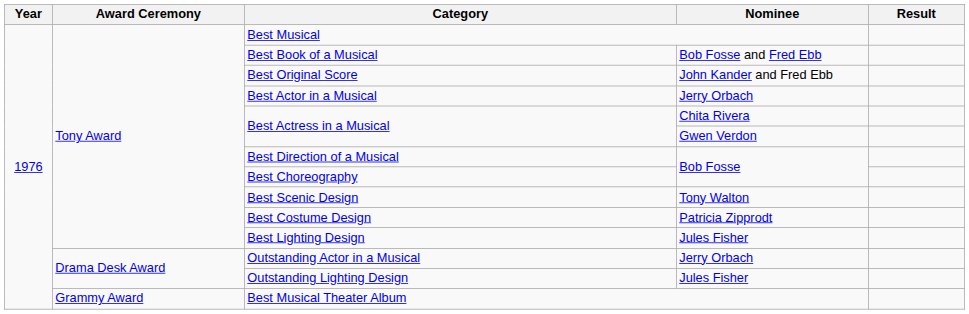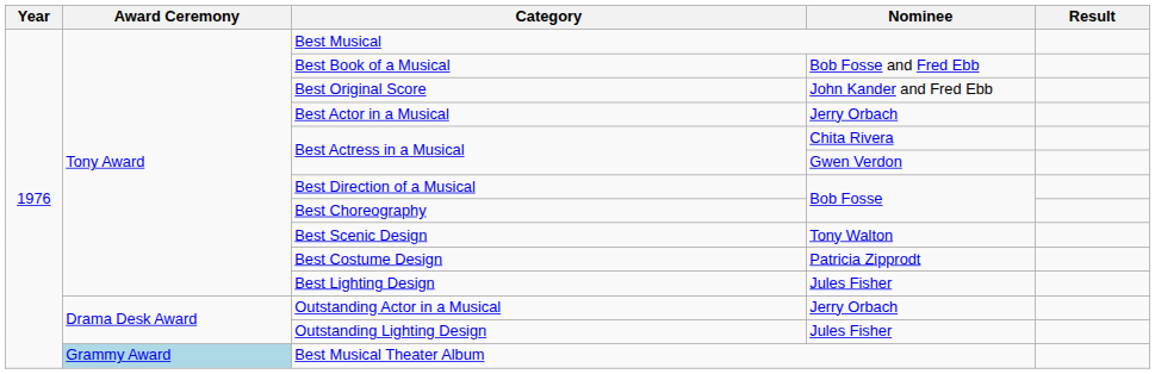 <table class="wikitable" width="95%">
 <tr>
 <th width="5%">Year</th>
 <th width="20%">Award Ceremony</th>
 <th width="45%">Category</th>
 <th width="20%">Nominee</th>
 <th width="10%">Result</th>
 </tr>
 <tr>
 <td rowspan="14" align="center"><a href='#'>1976</a></td>
 <td rowspan="11"><a href='#'>Tony Award</a></td>
 <td colspan="2"><a href='#'>Best Musical</a></td>
 <td></td>
 </tr>
 <tr>
 <td><a href='#'>Best Book of a Musical</a></td>
 <td><a href='#'>Bob Fosse</a> and <a href='#'>Fred Ebb</a></td>
 <td></td>
 </tr>
 <tr>
 <td><a href='#'>Best Original Score</a></td>
 <td><a href='#'>John Kander</a> and Fred Ebb</td>
 <td></td>
 </tr>
 <tr>
 <td><a href='#'>Best Actor in a Musical</a></td>
 <td><a href='#'>Jerry Orbach</a></td>
 <td></td>
 </tr>
 <tr>
 <td rowspan="2"><a href='#'>Best Actress in a Musical</a></td>
 <td><a href='#'>Chita Rivera</a></td>
 <td></td>
 </tr>
 <tr>
 <td><a href='#'>Gwen Verdon</a></td>
 <td></td>
 </tr>
 <tr>
 <td><a href='#'>Best Direction of a Musical</a></td>
 <td rowspan="2"><a href='#'>Bob Fosse</a></td>
 <td></td>
 </tr>
 <tr>
 <td><a href='#'>Best Choreography</a></td>
 <td></td>
 </tr>
 <tr>
 <td><a href='#'>Best Scenic Design</a></td>
 <td><a href='#'>Tony Walton</a></td>
 <td></td>
 </tr>
 <tr>
 <td><a href='#'>Best Costume Design</a></td>
 <td><a href='#'>Patricia Zipprodt</a></td>
 <td></td>
 </tr>
 <tr>
 <td><a href='#'>Best Lighting Design</a></td>
 <td><a href='#'>Jules Fisher</a></td>
 <td></td>
 </tr>
 <tr>
 <td rowspan="2"><a href='#'>Drama Desk Award</a></td>
 <td><a href='#'>Outstanding Actor in a Musical</a></td>
 <td><a href='#'>Jerry Orbach</a></td>
 <td></td>
 </tr>
 <tr>
 <td><a href='#'>Outstanding Lighting Design</a></td>
 <td><a href='#'>Jules Fisher</a></td>
 <td></td>
 </tr>
 <tr>
-<td rowspan="1"><a href='#'>Grammy Award</a></td>
+<td rowspan="1" style="background: lightblue;"><a href='#'>Grammy Award</a></td>
 <td colspan="2"><a href='#'>Best Musical Theater Album</a></td>
 <td></td>
 </tr>
 </table>
